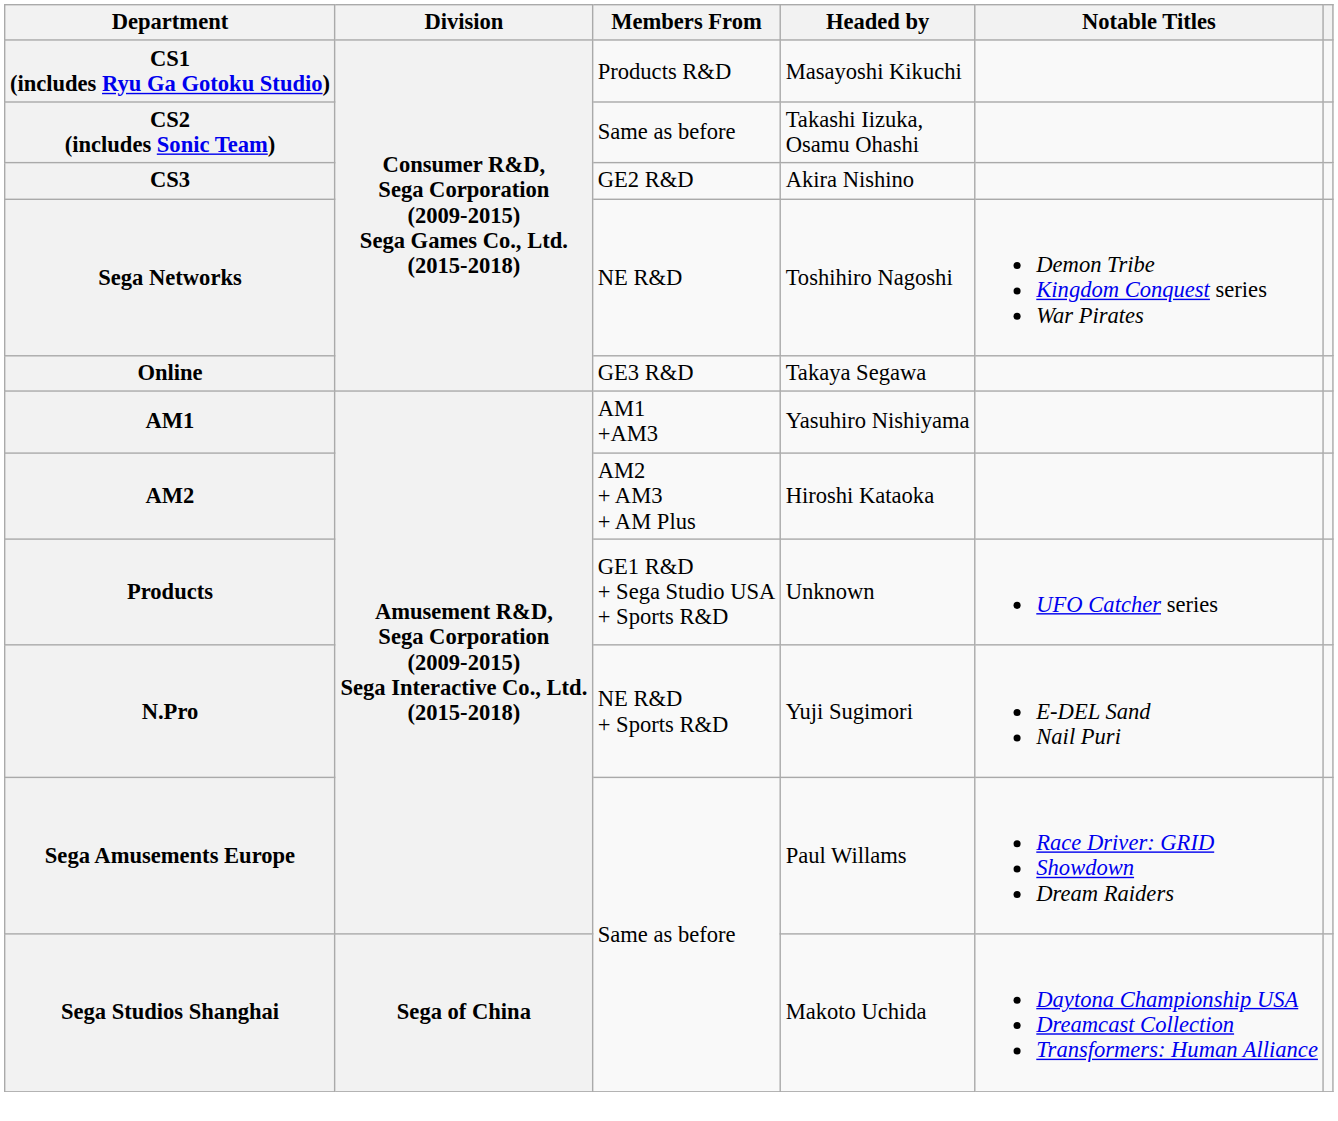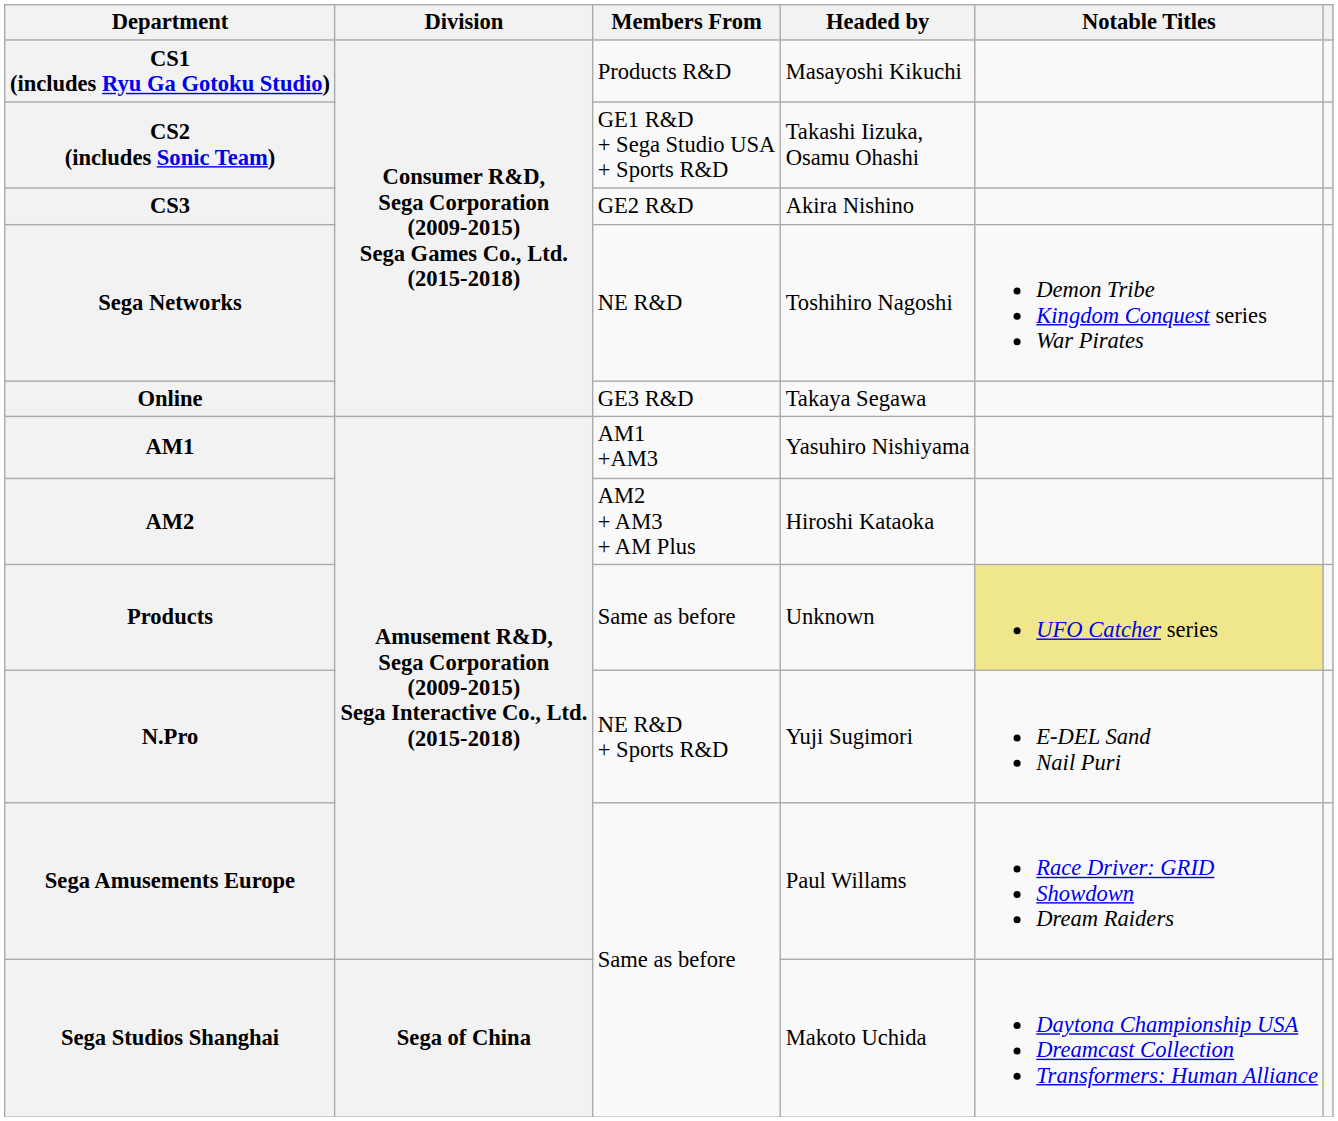 <table class="wikitable">
 <tr>
 <th>Department</th>
 <th>Division</th>
 <th>Members From</th>
 <th>Headed by</th>
 <th>Notable Titles</th>
 <th></th>
 </tr>
 <tr>
 <th>CS1<br>(includes  <a href='#'>Ryu Ga Gotoku Studio</a>)</th>
 <th rowspan="5">Consumer R&D,<br>Sega Corporation<br>(2009-2015)<br>Sega Games Co., Ltd.<br>(2015-2018)</th>
 <td>Products R&D</td>
 <td>Masayoshi Kikuchi</td>
 <td></td>
 <td></td>
 </tr>
 <tr>
 <th>CS2<br>(includes  <a href='#'>Sonic Team</a>)</th>
-<td>Same as before</td>
+<td>GE1 R&D<br>+ Sega Studio USA<br>+ Sports R&D</td>
 <td>Takashi Iizuka,<br>Osamu Ohashi</td>
 <td></td>
 <td></td>
 </tr>
 <tr>
 <th>CS3</th>
 <td>GE2 R&D</td>
 <td>Akira Nishino</td>
 <td></td>
 <td></td>
 </tr>
 <tr>
 <th>Sega Networks</th>
 <td>NE R&D</td>
 <td>Toshihiro Nagoshi</td>
 <td><br><ul><li><em>Demon Tribe</em></li><li><em><a href='#'>Kingdom Conquest</a></em> series</li><li><em>War Pirates</em></li></ul></td>
 <td></td>
 </tr>
 <tr>
 <th>Online</th>
 <td>GE3 R&D</td>
 <td>Takaya Segawa</td>
 <td></td>
 <td></td>
 </tr>
 <tr>
 <th>AM1</th>
 <th rowspan="5">Amusement R&D,<br>Sega Corporation<br>(2009-2015)<br>Sega Interactive Co., Ltd.<br>(2015-2018)</th>
 <td>AM1<br>+AM3</td>
 <td>Yasuhiro Nishiyama</td>
 <td></td>
 <td></td>
 </tr>
 <tr>
 <th>AM2</th>
 <td>AM2<br>+ AM3<br>+ AM Plus</td>
 <td>Hiroshi Kataoka</td>
 <td></td>
 <td></td>
 </tr>
 <tr>
 <th>Products</th>
-<td>GE1 R&D<br>+ Sega Studio USA<br>+ Sports R&D</td>
+<td>Same as before</td>
 <td>Unknown</td>
-<td><br><ul><li><em><a href='#'>UFO Catcher</a></em> series</li></ul></td>
+<td style="background: khaki;"><br><ul><li><em><a href='#'>UFO Catcher</a></em> series</li></ul></td>
 <td></td>
 </tr>
 <tr>
 <th>N.Pro</th>
 <td>NE R&D<br>+ Sports R&D</td>
 <td>Yuji Sugimori</td>
 <td><br><ul><li><em>E-DEL Sand</em></li><li><em>Nail Puri</em></li></ul></td>
 <td></td>
 </tr>
 <tr>
 <th>Sega Amusements Europe</th>
 <td rowspan="2">Same as before</td>
 <td>Paul Willams</td>
 <td><br><ul><li><em><a href='#'>Race Driver: GRID</a></em></li><li><em><a href='#'>Showdown</a></em></li><li><em>Dream Raiders</em></li></ul></td>
 <td></td>
 </tr>
 <tr>
 <th>Sega Studios Shanghai</th>
 <th>Sega of China</th>
 <td>Makoto Uchida</td>
 <td><br><ul><li><em><a href='#'>Daytona Championship USA</a></em></li><li><em><a href='#'>Dreamcast Collection</a></em></li><li><em><a href='#'>Transformers: Human Alliance</a></em></li></ul></td>
 <td></td>
 </tr>
 </table>
